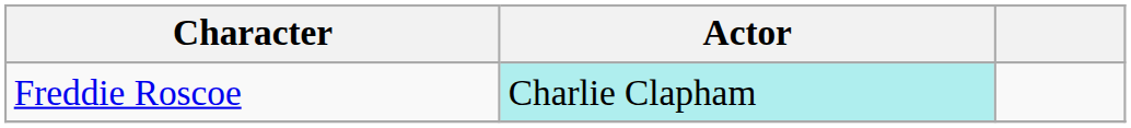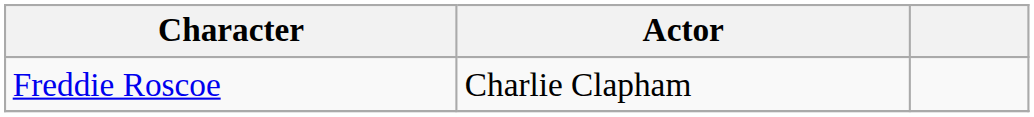 <table class="wikitable sortable">
 <tr>
 <th scope="col" style="width:210px;">Character</th>
 <th scope="col" style="width:210px;">Actor</th>
 <th scope="col" style="width:50px;"></th>
 </tr>
 <tr>
 <td><a href='#'>Freddie Roscoe</a></td>
-<td style="background: paleturquoise;">Charlie Clapham</td>
+<td>Charlie Clapham</td>
 <td style="text-align:center;"></td>
 </tr>
 <tr>
 </tr>
 </table>
